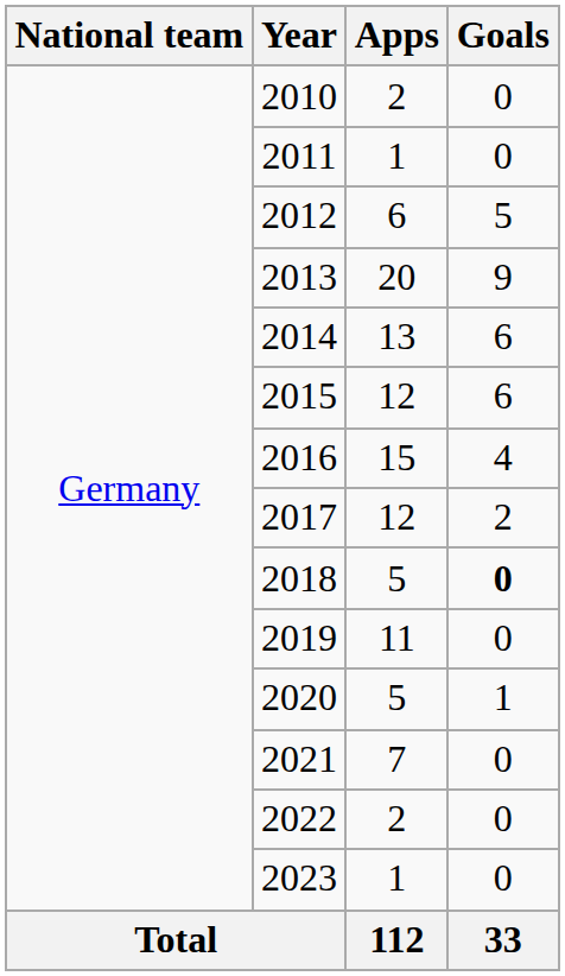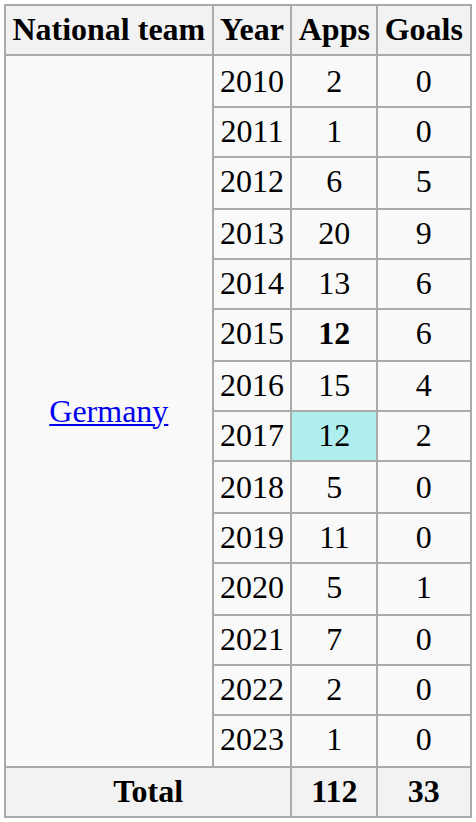 <table class="wikitable" style="text-align:center">
 <tr>
 <th>National team</th>
 <th>Year</th>
 <th>Apps</th>
 <th>Goals</th>
 </tr>
 <tr>
 <td rowspan="14"><a href='#'>Germany</a></td>
 <td>2010</td>
 <td>2</td>
 <td>0</td>
 </tr>
 <tr>
 <td>2011</td>
 <td>1</td>
 <td>0</td>
 </tr>
 <tr>
 <td>2012</td>
 <td>6</td>
 <td>5</td>
 </tr>
 <tr>
 <td>2013</td>
 <td>20</td>
 <td>9</td>
 </tr>
 <tr>
 <td>2014</td>
 <td>13</td>
 <td>6</td>
 </tr>
 <tr>
 <td>2015</td>
-<td>12</td>
+<td><strong>12</strong></td>
 <td>6</td>
 </tr>
 <tr>
 <td>2016</td>
 <td>15</td>
 <td>4</td>
 </tr>
 <tr>
 <td>2017</td>
-<td>12</td>
+<td style="background: paleturquoise;">12</td>
 <td>2</td>
 </tr>
 <tr>
 <td>2018</td>
 <td>5</td>
-<td><strong>0</strong></td>
+<td>0</td>
 </tr>
 <tr>
 <td>2019</td>
 <td>11</td>
 <td>0</td>
 </tr>
 <tr>
 <td>2020</td>
 <td>5</td>
 <td>1</td>
 </tr>
 <tr>
 <td>2021</td>
 <td>7</td>
 <td>0</td>
 </tr>
 <tr>
 <td>2022</td>
 <td>2</td>
 <td>0</td>
 </tr>
 <tr>
 <td>2023</td>
 <td>1</td>
 <td>0</td>
 </tr>
 <tr>
 <th colspan="2">Total</th>
 <th>112</th>
 <th>33</th>
 </tr>
 </table>
